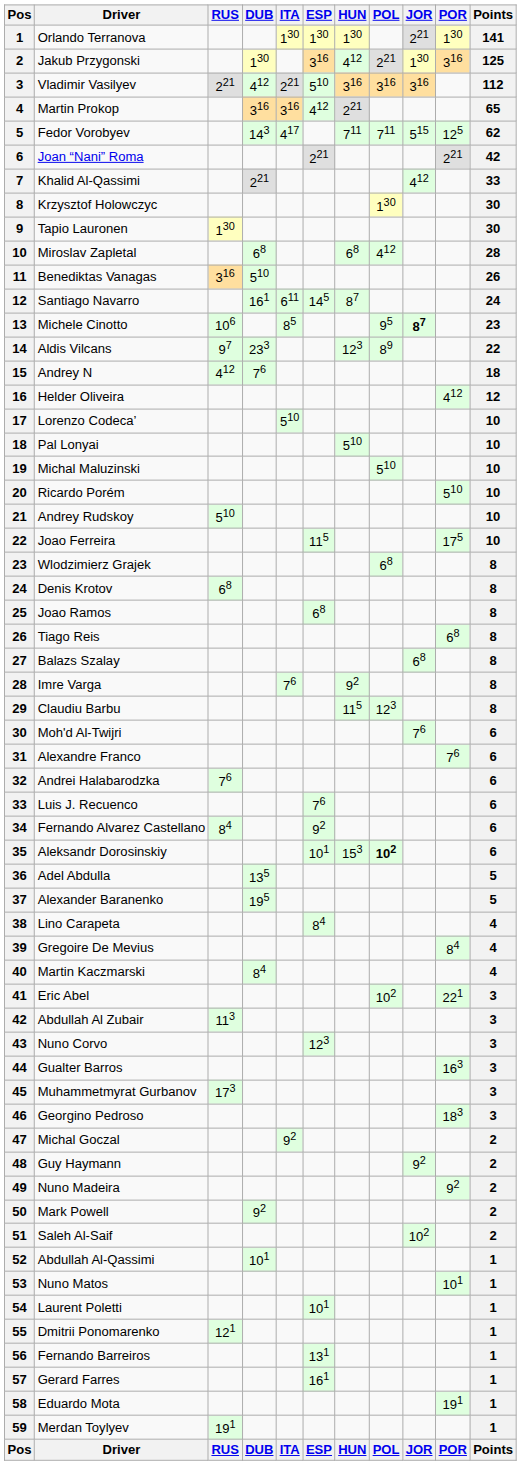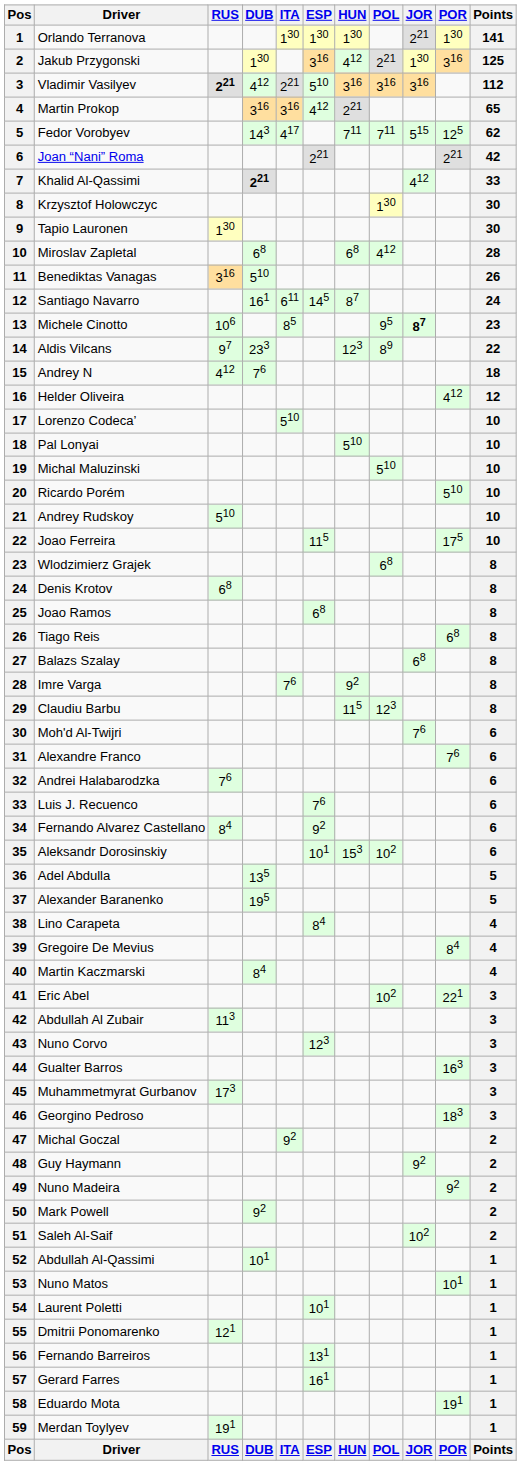 <table class="wikitable" style="font-size: 85%; text-align: center; display: inline-table;">
 <tr valign="top">
 <th valign="middle">Pos</th>
 <th valign="middle">Driver</th>
 <th><a href='#'>RUS</a><br></th>
 <th><a href='#'>DUB</a><br></th>
 <th><a href='#'>ITA</a><br></th>
 <th><a href='#'>ESP</a><br></th>
 <th><a href='#'>HUN</a><br></th>
 <th><a href='#'>POL</a><br></th>
 <th><a href='#'>JOR</a><br></th>
 <th><a href='#'>POR</a><br></th>
 <th valign="middle">Points</th>
 </tr>
 <tr>
 <th>1</th>
 <td align=left> Orlando Terranova</td>
 <td></td>
 <td></td>
 <td style="background:#ffffbf;">1<sup>30</sup></td>
 <td style="background:#ffffbf;">1<sup>30</sup></td>
 <td style="background:#ffffbf;">1<sup>30</sup></td>
 <td></td>
 <td style="background:#dfdfdf;">2<sup>21</sup></td>
 <td style="background:#ffffbf;">1<sup>30</sup></td>
 <th>141</th>
 </tr>
 <tr>
 <th>2</th>
 <td align=left> Jakub Przygonski</td>
 <td></td>
 <td style="background:#ffffbf;">1<sup>30</sup></td>
 <td></td>
 <td style="background:#ffdf9f;">3<sup>16</sup></td>
 <td style="background:#dfffdf;">4<sup>12</sup></td>
 <td style="background:#dfdfdf;">2<sup>21</sup></td>
 <td style="background:#ffffbf;">1<sup>30</sup></td>
 <td style="background:#ffdf9f;">3<sup>16</sup></td>
 <th>125</th>
 </tr>
 <tr>
 <th>3</th>
 <td align=left> Vladimir Vasilyev</td>
-<td style="background:#dfdfdf;">2<sup>21</sup></td>
+<td style="background:#dfdfdf;"><strong>2<sup>21</sup></strong></td>
 <td style="background:#dfffdf;">4<sup>12</sup></td>
 <td style="background:#dfdfdf;">2<sup>21</sup></td>
 <td style="background:#dfffdf;">5<sup>10</sup></td>
 <td style="background:#ffdf9f;">3<sup>16</sup></td>
 <td style="background:#ffdf9f;">3<sup>16</sup></td>
 <td style="background:#ffdf9f;">3<sup>16</sup></td>
 <td></td>
 <th>112</th>
 </tr>
 <tr>
 <th>4</th>
 <td align=left> Martin Prokop</td>
 <td></td>
 <td style="background:#ffdf9f;">3<sup>16</sup></td>
 <td style="background:#ffdf9f;">3<sup>16</sup></td>
 <td style="background:#dfffdf;">4<sup>12</sup></td>
 <td style="background:#dfdfdf;">2<sup>21</sup></td>
 <td></td>
 <td></td>
 <td></td>
 <th>65</th>
 </tr>
 <tr>
 <th>5</th>
 <td align=left> Fedor Vorobyev</td>
 <td></td>
 <td style="background:#dfffdf;">14<sup>3</sup></td>
 <td style="background:#dfffdf;">4<sup>17</sup></td>
 <td></td>
 <td style="background:#dfffdf;">7<sup>11</sup></td>
 <td style="background:#dfffdf;">7<sup>11</sup></td>
 <td style="background:#dfffdf;">5<sup>15</sup></td>
 <td style="background:#dfffdf;">12<sup>5</sup></td>
 <th>62</th>
 </tr>
 <tr>
 <th>6</th>
 <td align=left> <a href='#'>Joan “Nani” Roma</a></td>
 <td></td>
 <td></td>
 <td></td>
 <td style="background:#dfdfdf;">2<sup>21</sup></td>
 <td></td>
 <td></td>
 <td></td>
 <td style="background:#dfdfdf;">2<sup>21</sup></td>
 <th>42</th>
 </tr>
 <tr>
 <th>7</th>
 <td align=left> Khalid Al-Qassimi</td>
 <td></td>
-<td style="background:#dfdfdf;">2<sup>21</sup></td>
+<td style="background:#dfdfdf;"><strong>2<sup>21</sup></strong></td>
 <td></td>
 <td></td>
 <td></td>
 <td></td>
 <td style="background:#dfffdf;">4<sup>12</sup></td>
 <td></td>
 <th>33</th>
 </tr>
 <tr>
 <th>8</th>
 <td align=left> Krzysztof Holowczyc</td>
 <td></td>
 <td></td>
 <td></td>
 <td></td>
 <td></td>
 <td style="background:#ffffbf;">1<sup>30</sup></td>
 <td></td>
 <td></td>
 <th>30</th>
 </tr>
 <tr>
 <th>9</th>
 <td align=left> Tapio Lauronen</td>
 <td style="background:#ffffbf;">1<sup>30</sup></td>
 <td></td>
 <td></td>
 <td></td>
 <td></td>
 <td></td>
 <td></td>
 <td></td>
 <th>30</th>
 </tr>
 <tr>
 <th>10</th>
 <td align=left> Miroslav Zapletal</td>
 <td></td>
 <td style="background:#dfffdf;">6<sup>8</sup></td>
 <td></td>
 <td></td>
 <td style="background:#dfffdf;">6<sup>8</sup></td>
 <td style="background:#dfffdf;">4<sup>12</sup></td>
 <td></td>
 <td></td>
 <th>28</th>
 </tr>
 <tr>
 <th>11</th>
 <td align=left> Benediktas Vanagas</td>
 <td style="background:#ffdf9f;">3<sup>16</sup></td>
 <td style="background:#dfffdf;">5<sup>10</sup></td>
 <td></td>
 <td></td>
 <td></td>
 <td></td>
 <td></td>
 <td></td>
 <th>26</th>
 </tr>
 <tr>
 <th>12</th>
 <td align=left> Santiago Navarro</td>
 <td></td>
 <td style="background:#dfffdf;">16<sup>1</sup></td>
 <td style="background:#dfffdf;">6<sup>11</sup></td>
 <td style="background:#dfffdf;">14<sup>5</sup></td>
 <td style="background:#dfffdf;">8<sup>7</sup></td>
 <td></td>
 <td></td>
 <td></td>
 <th>24</th>
 </tr>
 <tr>
 <th>13</th>
 <td align=left> Michele Cinotto</td>
 <td style="background:#dfffdf;">10<sup>6</sup></td>
 <td></td>
 <td style="background:#dfffdf;">8<sup>5</sup></td>
 <td></td>
 <td></td>
 <td style="background:#dfffdf;">9<sup>5</sup></td>
 <td style="background:#dfffdf;"><strong>8<sup>7</sup></strong></td>
 <td></td>
 <th>23</th>
 </tr>
 <tr>
 <th>14</th>
 <td align=left> Aldis Vilcans</td>
 <td style="background:#dfffdf;">9<sup>7</sup></td>
 <td style="background:#dfffdf;">23<sup>3</sup></td>
 <td></td>
 <td></td>
 <td style="background:#dfffdf;">12<sup>3</sup></td>
 <td style="background:#dfffdf;">8<sup>9</sup></td>
 <td></td>
 <td></td>
 <th>22</th>
 </tr>
 <tr>
 <th>15</th>
 <td align=left> Andrey N</td>
 <td style="background:#dfffdf;">4<sup>12</sup></td>
 <td style="background:#dfffdf;">7<sup>6</sup></td>
 <td></td>
 <td></td>
 <td></td>
 <td></td>
 <td></td>
 <td></td>
 <th>18</th>
 </tr>
 <tr>
 <th>16</th>
 <td align=left> Helder Oliveira</td>
 <td></td>
 <td></td>
 <td></td>
 <td></td>
 <td></td>
 <td></td>
 <td></td>
 <td style="background:#dfffdf;">4<sup>12</sup></td>
 <th>12</th>
 </tr>
 <tr>
 <th>17</th>
 <td align=left> Lorenzo Codeca’</td>
 <td></td>
 <td></td>
 <td style="background:#dfffdf;">5<sup>10</sup></td>
 <td></td>
 <td></td>
 <td></td>
 <td></td>
 <td></td>
 <th>10</th>
 </tr>
 <tr>
 <th>18</th>
 <td align=left> Pal Lonyai</td>
 <td></td>
 <td></td>
 <td></td>
 <td></td>
 <td style="background:#dfffdf;">5<sup>10</sup></td>
 <td></td>
 <td></td>
 <td></td>
 <th>10</th>
 </tr>
 <tr>
 <th>19</th>
 <td align=left> Michal Maluzinski</td>
 <td></td>
 <td></td>
 <td></td>
 <td></td>
 <td></td>
 <td style="background:#dfffdf;">5<sup>10</sup></td>
 <td></td>
 <td></td>
 <th>10</th>
 </tr>
 <tr>
 <th>20</th>
 <td align=left> Ricardo Porém</td>
 <td></td>
 <td></td>
 <td></td>
 <td></td>
 <td></td>
 <td></td>
 <td></td>
 <td style="background:#dfffdf;">5<sup>10</sup></td>
 <th>10</th>
 </tr>
 <tr>
 <th>21</th>
 <td align=left> Andrey Rudskoy</td>
 <td style="background:#dfffdf;">5<sup>10</sup></td>
 <td></td>
 <td></td>
 <td></td>
 <td></td>
 <td></td>
 <td></td>
 <td></td>
 <th>10</th>
 </tr>
 <tr>
 <th>22</th>
 <td align=left> Joao Ferreira</td>
 <td></td>
 <td></td>
 <td></td>
 <td style="background:#dfffdf;">11<sup>5</sup></td>
 <td></td>
 <td></td>
 <td></td>
 <td style="background:#dfffdf;">17<sup>5</sup></td>
 <th>10</th>
 </tr>
 <tr>
 <th>23</th>
 <td align=left> Wlodzimierz Grajek</td>
 <td></td>
 <td></td>
 <td></td>
 <td></td>
 <td></td>
 <td style="background:#dfffdf;">6<sup>8</sup></td>
 <td></td>
 <td></td>
 <th>8</th>
 </tr>
 <tr>
 <th>24</th>
 <td align=left> Denis Krotov</td>
 <td style="background:#dfffdf;">6<sup>8</sup></td>
 <td></td>
 <td></td>
 <td></td>
 <td></td>
 <td></td>
 <td></td>
 <td></td>
 <th>8</th>
 </tr>
 <tr>
 <th>25</th>
 <td align=left> Joao Ramos</td>
 <td></td>
 <td></td>
 <td></td>
 <td style="background:#dfffdf;">6<sup>8</sup></td>
 <td></td>
 <td></td>
 <td></td>
 <td></td>
 <th>8</th>
 </tr>
 <tr>
 <th>26</th>
 <td align=left> Tiago Reis</td>
 <td></td>
 <td></td>
 <td></td>
 <td></td>
 <td></td>
 <td></td>
 <td></td>
 <td style="background:#dfffdf;">6<sup>8</sup></td>
 <th>8</th>
 </tr>
 <tr>
 <th>27</th>
 <td align=left> Balazs Szalay</td>
 <td></td>
 <td></td>
 <td></td>
 <td></td>
 <td></td>
 <td></td>
 <td style="background:#dfffdf;">6<sup>8</sup></td>
 <td></td>
 <th>8</th>
 </tr>
 <tr>
 <th>28</th>
 <td align=left> Imre Varga</td>
 <td></td>
 <td></td>
 <td style="background:#dfffdf;">7<sup>6</sup></td>
 <td></td>
 <td style="background:#dfffdf;">9<sup>2</sup></td>
 <td></td>
 <td></td>
 <td></td>
 <th>8</th>
 </tr>
 <tr>
 <th>29</th>
 <td align=left> Claudiu Barbu</td>
 <td></td>
 <td></td>
 <td></td>
 <td></td>
 <td style="background:#dfffdf;">11<sup>5</sup></td>
 <td style="background:#dfffdf;">12<sup>3</sup></td>
 <td></td>
 <td></td>
 <th>8</th>
 </tr>
 <tr>
 <th>30</th>
 <td align=left> Moh'd Al-Twijri</td>
 <td></td>
 <td></td>
 <td></td>
 <td></td>
 <td></td>
 <td></td>
 <td style="background:#dfffdf;">7<sup>6</sup></td>
 <td></td>
 <th>6</th>
 </tr>
 <tr>
 <th>31</th>
 <td align=left> Alexandre Franco</td>
 <td></td>
 <td></td>
 <td></td>
 <td></td>
 <td></td>
 <td></td>
 <td></td>
 <td style="background:#dfffdf;">7<sup>6</sup></td>
 <th>6</th>
 </tr>
 <tr>
 <th>32</th>
 <td align=left> Andrei Halabarodzka</td>
 <td style="background:#dfffdf;">7<sup>6</sup></td>
 <td></td>
 <td></td>
 <td></td>
 <td></td>
 <td></td>
 <td></td>
 <td></td>
 <th>6</th>
 </tr>
 <tr>
 <th>33</th>
 <td align=left> Luis J. Recuenco</td>
 <td></td>
 <td></td>
 <td></td>
 <td style="background:#dfffdf;">7<sup>6</sup></td>
 <td></td>
 <td></td>
 <td></td>
 <td></td>
 <th>6</th>
 </tr>
 <tr>
 <th>34</th>
 <td align=left> Fernando Alvarez Castellano</td>
 <td style="background:#dfffdf;">8<sup>4</sup></td>
 <td></td>
 <td></td>
 <td style="background:#dfffdf;">9<sup>2</sup></td>
 <td></td>
 <td></td>
 <td></td>
 <td></td>
 <th>6</th>
 </tr>
 <tr>
 <th>35</th>
 <td align=left> Aleksandr Dorosinskiy</td>
 <td></td>
 <td></td>
 <td></td>
 <td style="background:#dfffdf;">10<sup>1</sup></td>
 <td style="background:#dfffdf;">15<sup>3</sup></td>
-<td style="background:#dfffdf;"><strong>10<sup>2</sup></strong></td>
+<td style="background:#dfffdf;">10<sup>2</sup></td>
 <td></td>
 <td></td>
 <th>6</th>
 </tr>
 <tr>
 <th>36</th>
 <td align=left> Adel Abdulla</td>
 <td></td>
 <td style="background:#dfffdf;">13<sup>5</sup></td>
 <td></td>
 <td></td>
 <td></td>
 <td></td>
 <td></td>
 <td></td>
 <th>5</th>
 </tr>
 <tr>
 <th>37</th>
 <td align=left> Alexander Baranenko</td>
 <td></td>
 <td style="background:#dfffdf;">19<sup>5</sup></td>
 <td></td>
 <td></td>
 <td></td>
 <td></td>
 <td></td>
 <td></td>
 <th>5</th>
 </tr>
 <tr>
 <th>38</th>
 <td align=left> Lino Carapeta</td>
 <td></td>
 <td></td>
 <td></td>
 <td style="background:#dfffdf;">8<sup>4</sup></td>
 <td></td>
 <td></td>
 <td></td>
 <td></td>
 <th>4</th>
 </tr>
 <tr>
 <th>39</th>
 <td align=left> Gregoire De Mevius</td>
 <td></td>
 <td></td>
 <td></td>
 <td></td>
 <td></td>
 <td></td>
 <td></td>
 <td style="background:#dfffdf;">8<sup>4</sup></td>
 <th>4</th>
 </tr>
 <tr>
 <th>40</th>
 <td align=left> Martin Kaczmarski</td>
 <td></td>
 <td style="background:#dfffdf;">8<sup>4</sup></td>
 <td></td>
 <td></td>
 <td></td>
 <td></td>
 <td></td>
 <td></td>
 <th>4</th>
 </tr>
 <tr>
 <th>41</th>
 <td align=left> Eric Abel</td>
 <td></td>
 <td></td>
 <td></td>
 <td></td>
 <td></td>
 <td style="background:#dfffdf;">10<sup>2</sup></td>
 <td></td>
 <td style="background:#dfffdf;">22<sup>1</sup></td>
 <th>3</th>
 </tr>
 <tr>
 <th>42</th>
 <td align=left> Abdullah Al Zubair</td>
 <td style="background:#dfffdf;">11<sup>3</sup></td>
 <td></td>
 <td></td>
 <td></td>
 <td></td>
 <td></td>
 <td></td>
 <td></td>
 <th>3</th>
 </tr>
 <tr>
 <th>43</th>
 <td align=left> Nuno Corvo</td>
 <td></td>
 <td></td>
 <td></td>
 <td style="background:#dfffdf;">12<sup>3</sup></td>
 <td></td>
 <td></td>
 <td></td>
 <td></td>
 <th>3</th>
 </tr>
 <tr>
 <th>44</th>
 <td align=left> Gualter Barros</td>
 <td></td>
 <td></td>
 <td></td>
 <td></td>
 <td></td>
 <td></td>
 <td></td>
 <td style="background:#dfffdf;">16<sup>3</sup></td>
 <th>3</th>
 </tr>
 <tr>
 <th>45</th>
 <td align=left> Muhammetmyrat Gurbanov</td>
 <td style="background:#dfffdf;">17<sup>3</sup></td>
 <td></td>
 <td></td>
 <td></td>
 <td></td>
 <td></td>
 <td></td>
 <td></td>
 <th>3</th>
 </tr>
 <tr>
 <th>46</th>
 <td align=left> Georgino Pedroso</td>
 <td></td>
 <td></td>
 <td></td>
 <td></td>
 <td></td>
 <td></td>
 <td></td>
 <td style="background:#dfffdf;">18<sup>3</sup></td>
 <th>3</th>
 </tr>
 <tr>
 <th>47</th>
 <td align=left> Michal Goczal</td>
 <td></td>
 <td></td>
 <td style="background:#dfffdf;">9<sup>2</sup></td>
 <td></td>
 <td></td>
 <td></td>
 <td></td>
 <td></td>
 <th>2</th>
 </tr>
 <tr>
 <th>48</th>
 <td align=left> Guy Haymann</td>
 <td></td>
 <td></td>
 <td></td>
 <td></td>
 <td></td>
 <td></td>
 <td style="background:#dfffdf;">9<sup>2</sup></td>
 <td></td>
 <th>2</th>
 </tr>
 <tr>
 <th>49</th>
 <td align=left> Nuno Madeira</td>
 <td></td>
 <td></td>
 <td></td>
 <td></td>
 <td></td>
 <td></td>
 <td></td>
 <td style="background:#dfffdf;">9<sup>2</sup></td>
 <th>2</th>
 </tr>
 <tr>
 <th>50</th>
 <td align=left> Mark Powell</td>
 <td></td>
 <td style="background:#dfffdf;">9<sup>2</sup></td>
 <td></td>
 <td></td>
 <td></td>
 <td></td>
 <td></td>
 <td></td>
 <th>2</th>
 </tr>
 <tr>
 <th>51</th>
 <td align=left> Saleh Al-Saif</td>
 <td></td>
 <td></td>
 <td></td>
 <td></td>
 <td></td>
 <td></td>
 <td style="background:#dfffdf;">10<sup>2</sup></td>
 <td></td>
 <th>2</th>
 </tr>
 <tr>
 <th>52</th>
 <td align=left> Abdullah Al-Qassimi</td>
 <td></td>
 <td style="background:#dfffdf;">10<sup>1</sup></td>
 <td></td>
 <td></td>
 <td></td>
 <td></td>
 <td></td>
 <td></td>
 <th>1</th>
 </tr>
 <tr>
 <th>53</th>
 <td align=left> Nuno Matos</td>
 <td></td>
 <td></td>
 <td></td>
 <td></td>
 <td></td>
 <td></td>
 <td></td>
 <td style="background:#dfffdf;">10<sup>1</sup></td>
 <th>1</th>
 </tr>
 <tr>
 <th>54</th>
 <td align=left> Laurent Poletti</td>
 <td></td>
 <td></td>
 <td></td>
 <td style="background:#dfffdf;">10<sup>1</sup></td>
 <td></td>
 <td></td>
 <td></td>
 <td></td>
 <th>1</th>
 </tr>
 <tr>
 <th>55</th>
 <td align=left> Dmitrii Ponomarenko</td>
 <td style="background:#dfffdf;">12<sup>1</sup></td>
 <td></td>
 <td></td>
 <td></td>
 <td></td>
 <td></td>
 <td></td>
 <td></td>
 <th>1</th>
 </tr>
 <tr>
 <th>56</th>
 <td align=left> Fernando Barreiros</td>
 <td></td>
 <td></td>
 <td></td>
 <td style="background:#dfffdf;">13<sup>1</sup></td>
 <td></td>
 <td></td>
 <td></td>
 <td></td>
 <th>1</th>
 </tr>
 <tr>
 <th>57</th>
 <td align=left> Gerard Farres</td>
 <td></td>
 <td></td>
 <td></td>
 <td style="background:#dfffdf;">16<sup>1</sup></td>
 <td></td>
 <td></td>
 <td></td>
 <td></td>
 <th>1</th>
 </tr>
 <tr>
 <th>58</th>
 <td align=left> Eduardo Mota</td>
 <td></td>
 <td></td>
 <td></td>
 <td></td>
 <td></td>
 <td></td>
 <td></td>
 <td style="background:#dfffdf;">19<sup>1</sup></td>
 <th>1</th>
 </tr>
 <tr>
 <th>59</th>
 <td align=left> Merdan Toylyev</td>
 <td style="background:#dfffdf;">19<sup>1</sup></td>
 <td></td>
 <td></td>
 <td></td>
 <td></td>
 <td></td>
 <td></td>
 <td></td>
 <th>1</th>
 </tr>
 <tr valign="top">
 <th valign="middle">Pos</th>
 <th valign="middle">Driver</th>
 <th><a href='#'>RUS</a><br></th>
 <th><a href='#'>DUB</a><br></th>
 <th><a href='#'>ITA</a><br></th>
 <th><a href='#'>ESP</a><br></th>
 <th><a href='#'>HUN</a><br></th>
 <th><a href='#'>POL</a><br></th>
 <th><a href='#'>JOR</a><br></th>
 <th><a href='#'>POR</a><br></th>
 <th valign="middle">Points</th>
 </tr>
 </table>
